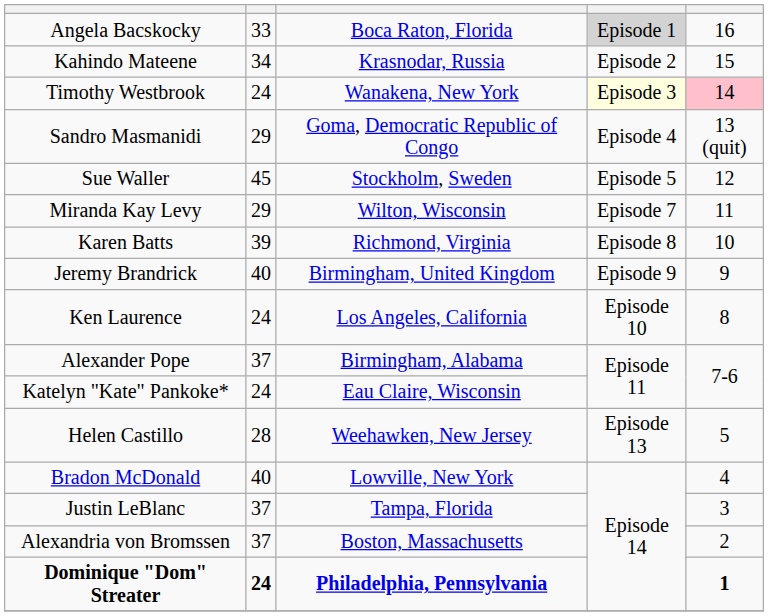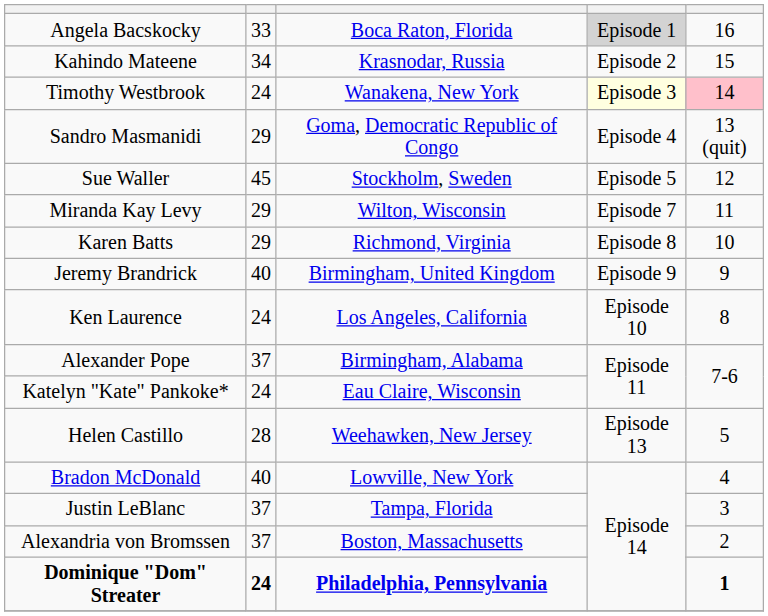 <table class="wikitable sortable" style="text-align:center;">
 <tr>
 <th></th>
 <th></th>
 <th></th>
 <th></th>
 <th></th>
 </tr>
 <tr>
 <td>Angela Bacskocky</td>
 <td>33</td>
 <td><a href='#'>Boca Raton, Florida</a></td>
 <td style="background: lightgrey;">Episode 1</td>
 <td>16</td>
 </tr>
 <tr>
 <td>Kahindo Mateene</td>
 <td>34</td>
 <td><a href='#'>Krasnodar, Russia</a></td>
 <td>Episode 2</td>
 <td>15</td>
 </tr>
 <tr>
 <td>Timothy Westbrook</td>
 <td>24</td>
 <td><a href='#'>Wanakena, New York</a></td>
 <td style="background: lightyellow;">Episode 3</td>
 <td style="background: pink;">14</td>
 </tr>
 <tr>
 <td>Sandro Masmanidi</td>
 <td>29</td>
 <td><a href='#'>Goma</a>, <a href='#'>Democratic Republic of Congo</a></td>
 <td>Episode 4</td>
 <td>13 (quit)</td>
 </tr>
 <tr>
 <td>Sue Waller</td>
 <td>45</td>
 <td><a href='#'>Stockholm</a>, <a href='#'>Sweden</a></td>
 <td>Episode 5</td>
 <td>12</td>
 </tr>
 <tr>
 <td>Miranda Kay Levy</td>
 <td>29</td>
 <td><a href='#'>Wilton, Wisconsin</a></td>
 <td>Episode 7</td>
 <td>11</td>
 </tr>
 <tr>
 <td>Karen Batts</td>
-<td>39</td>
+<td>29</td>
 <td><a href='#'>Richmond, Virginia</a></td>
 <td>Episode 8</td>
 <td>10</td>
 </tr>
 <tr>
 <td>Jeremy Brandrick</td>
 <td>40</td>
 <td><a href='#'>Birmingham, United Kingdom</a></td>
 <td>Episode 9</td>
 <td>9</td>
 </tr>
 <tr>
 <td>Ken Laurence</td>
 <td>24</td>
 <td><a href='#'>Los Angeles, California</a></td>
 <td>Episode 10</td>
 <td>8</td>
 </tr>
 <tr>
 <td>Alexander Pope</td>
 <td>37</td>
 <td><a href='#'>Birmingham, Alabama</a></td>
 <td rowspan="2">Episode 11</td>
 <td rowspan="2">7-6</td>
 </tr>
 <tr>
 <td>Katelyn "Kate" Pankoke*</td>
 <td>24</td>
 <td><a href='#'>Eau Claire, Wisconsin</a></td>
 </tr>
 <tr>
 <td>Helen Castillo</td>
 <td>28</td>
 <td><a href='#'>Weehawken, New Jersey</a></td>
 <td>Episode 13</td>
 <td>5</td>
 </tr>
 <tr>
 <td><a href='#'>Bradon McDonald</a></td>
 <td>40</td>
 <td><a href='#'>Lowville, New York</a></td>
 <td rowspan="4">Episode 14</td>
 <td>4</td>
 </tr>
 <tr>
 <td>Justin LeBlanc</td>
 <td>37</td>
 <td><a href='#'>Tampa, Florida</a></td>
 <td>3</td>
 </tr>
 <tr>
 <td>Alexandria von Bromssen</td>
 <td>37</td>
 <td><a href='#'>Boston, Massachusetts</a></td>
 <td>2</td>
 </tr>
 <tr>
 <td><strong>Dominique "Dom" Streater</strong></td>
 <td><strong>24</strong></td>
 <td><strong><a href='#'>Philadelphia, Pennsylvania</a></strong></td>
 <td><strong>1</strong></td>
 </tr>
 <tr>
 </tr>
 </table>
